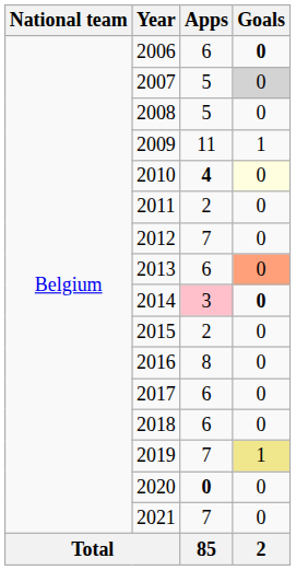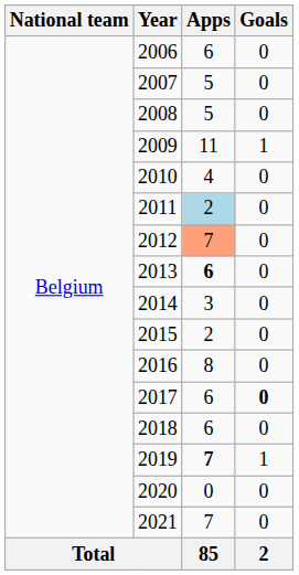 <table class="wikitable" style="text-align: center;">
 <tr>
 <th>National team</th>
 <th>Year</th>
 <th>Apps</th>
 <th>Goals</th>
 </tr>
 <tr>
 <td rowspan="16"><a href='#'>Belgium</a></td>
 <td>2006</td>
 <td>6</td>
-<td><strong>0</strong></td>
+<td>0</td>
 </tr>
 <tr>
 <td>2007</td>
 <td>5</td>
-<td style="background: lightgrey;">0</td>
+<td>0</td>
 </tr>
 <tr>
 <td>2008</td>
 <td>5</td>
 <td>0</td>
 </tr>
 <tr>
 <td>2009</td>
 <td>11</td>
 <td>1</td>
 </tr>
 <tr>
 <td>2010</td>
-<td><strong>4</strong></td>
-<td style="background: lightyellow;">0</td>
+<td>4</td>
+<td>0</td>
 </tr>
 <tr>
 <td>2011</td>
-<td>2</td>
+<td style="background: lightblue;">2</td>
 <td>0</td>
 </tr>
 <tr>
 <td>2012</td>
-<td>7</td>
+<td style="background: lightsalmon;">7</td>
 <td>0</td>
 </tr>
 <tr>
 <td>2013</td>
-<td>6</td>
-<td style="background: lightsalmon;">0</td>
+<td><strong>6</strong></td>
+<td>0</td>
 </tr>
 <tr>
 <td>2014</td>
-<td style="background: pink;">3</td>
-<td><strong>0</strong></td>
+<td>3</td>
+<td>0</td>
 </tr>
 <tr>
 <td>2015</td>
 <td>2</td>
 <td>0</td>
 </tr>
 <tr>
 <td>2016</td>
 <td>8</td>
 <td>0</td>
 </tr>
 <tr>
 <td>2017</td>
 <td>6</td>
-<td>0</td>
+<td><strong>0</strong></td>
 </tr>
 <tr>
 <td>2018</td>
 <td>6</td>
 <td>0</td>
 </tr>
 <tr>
 <td>2019</td>
-<td>7</td>
-<td style="background: khaki;">1</td>
+<td><strong>7</strong></td>
+<td>1</td>
 </tr>
 <tr>
 <td>2020</td>
-<td><strong>0</strong></td>
+<td>0</td>
 <td>0</td>
 </tr>
 <tr>
 <td>2021</td>
 <td>7</td>
 <td>0</td>
 </tr>
 <tr>
 <th colspan="2">Total</th>
 <th>85</th>
 <th>2</th>
 </tr>
 </table>
